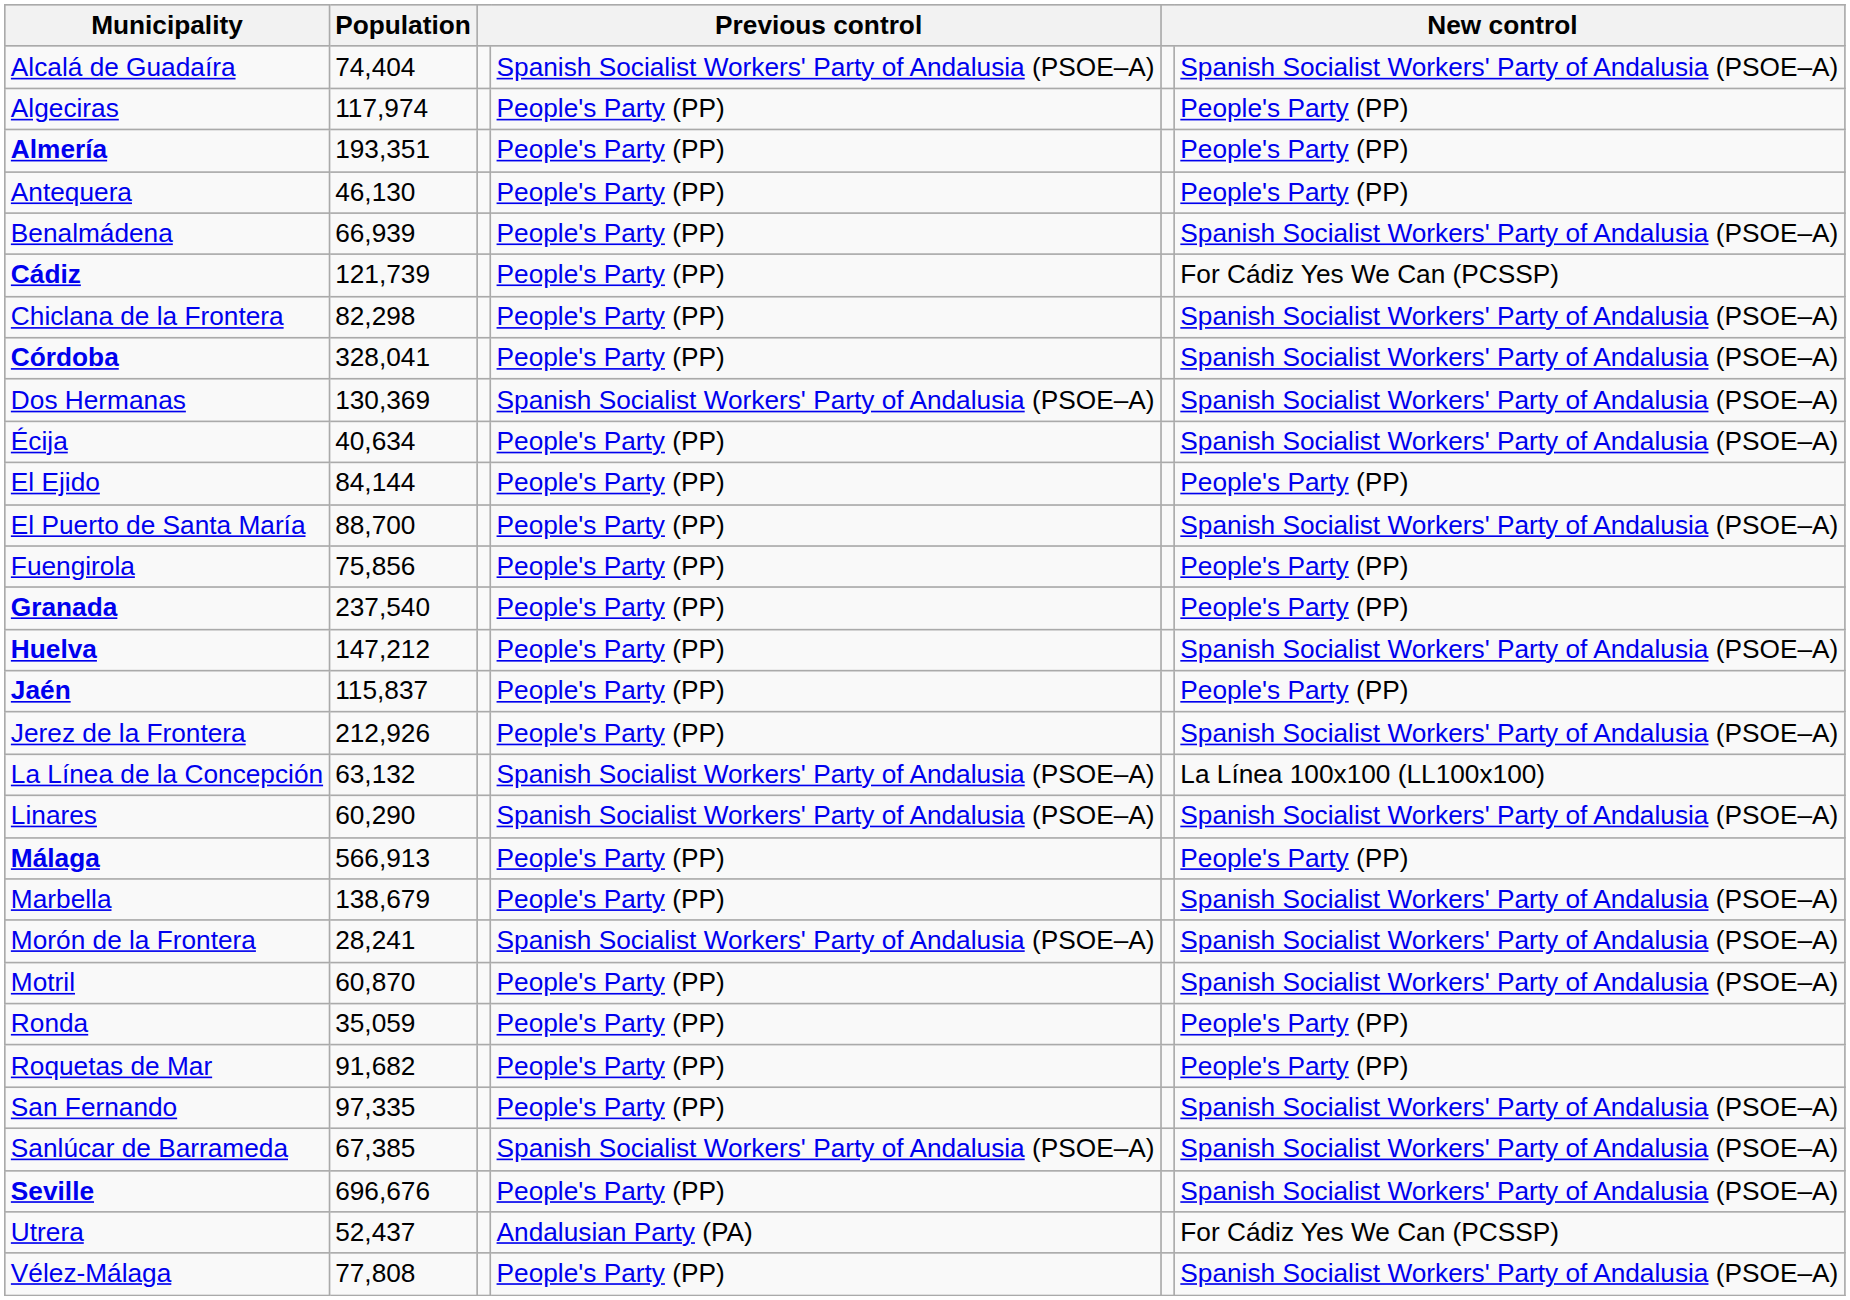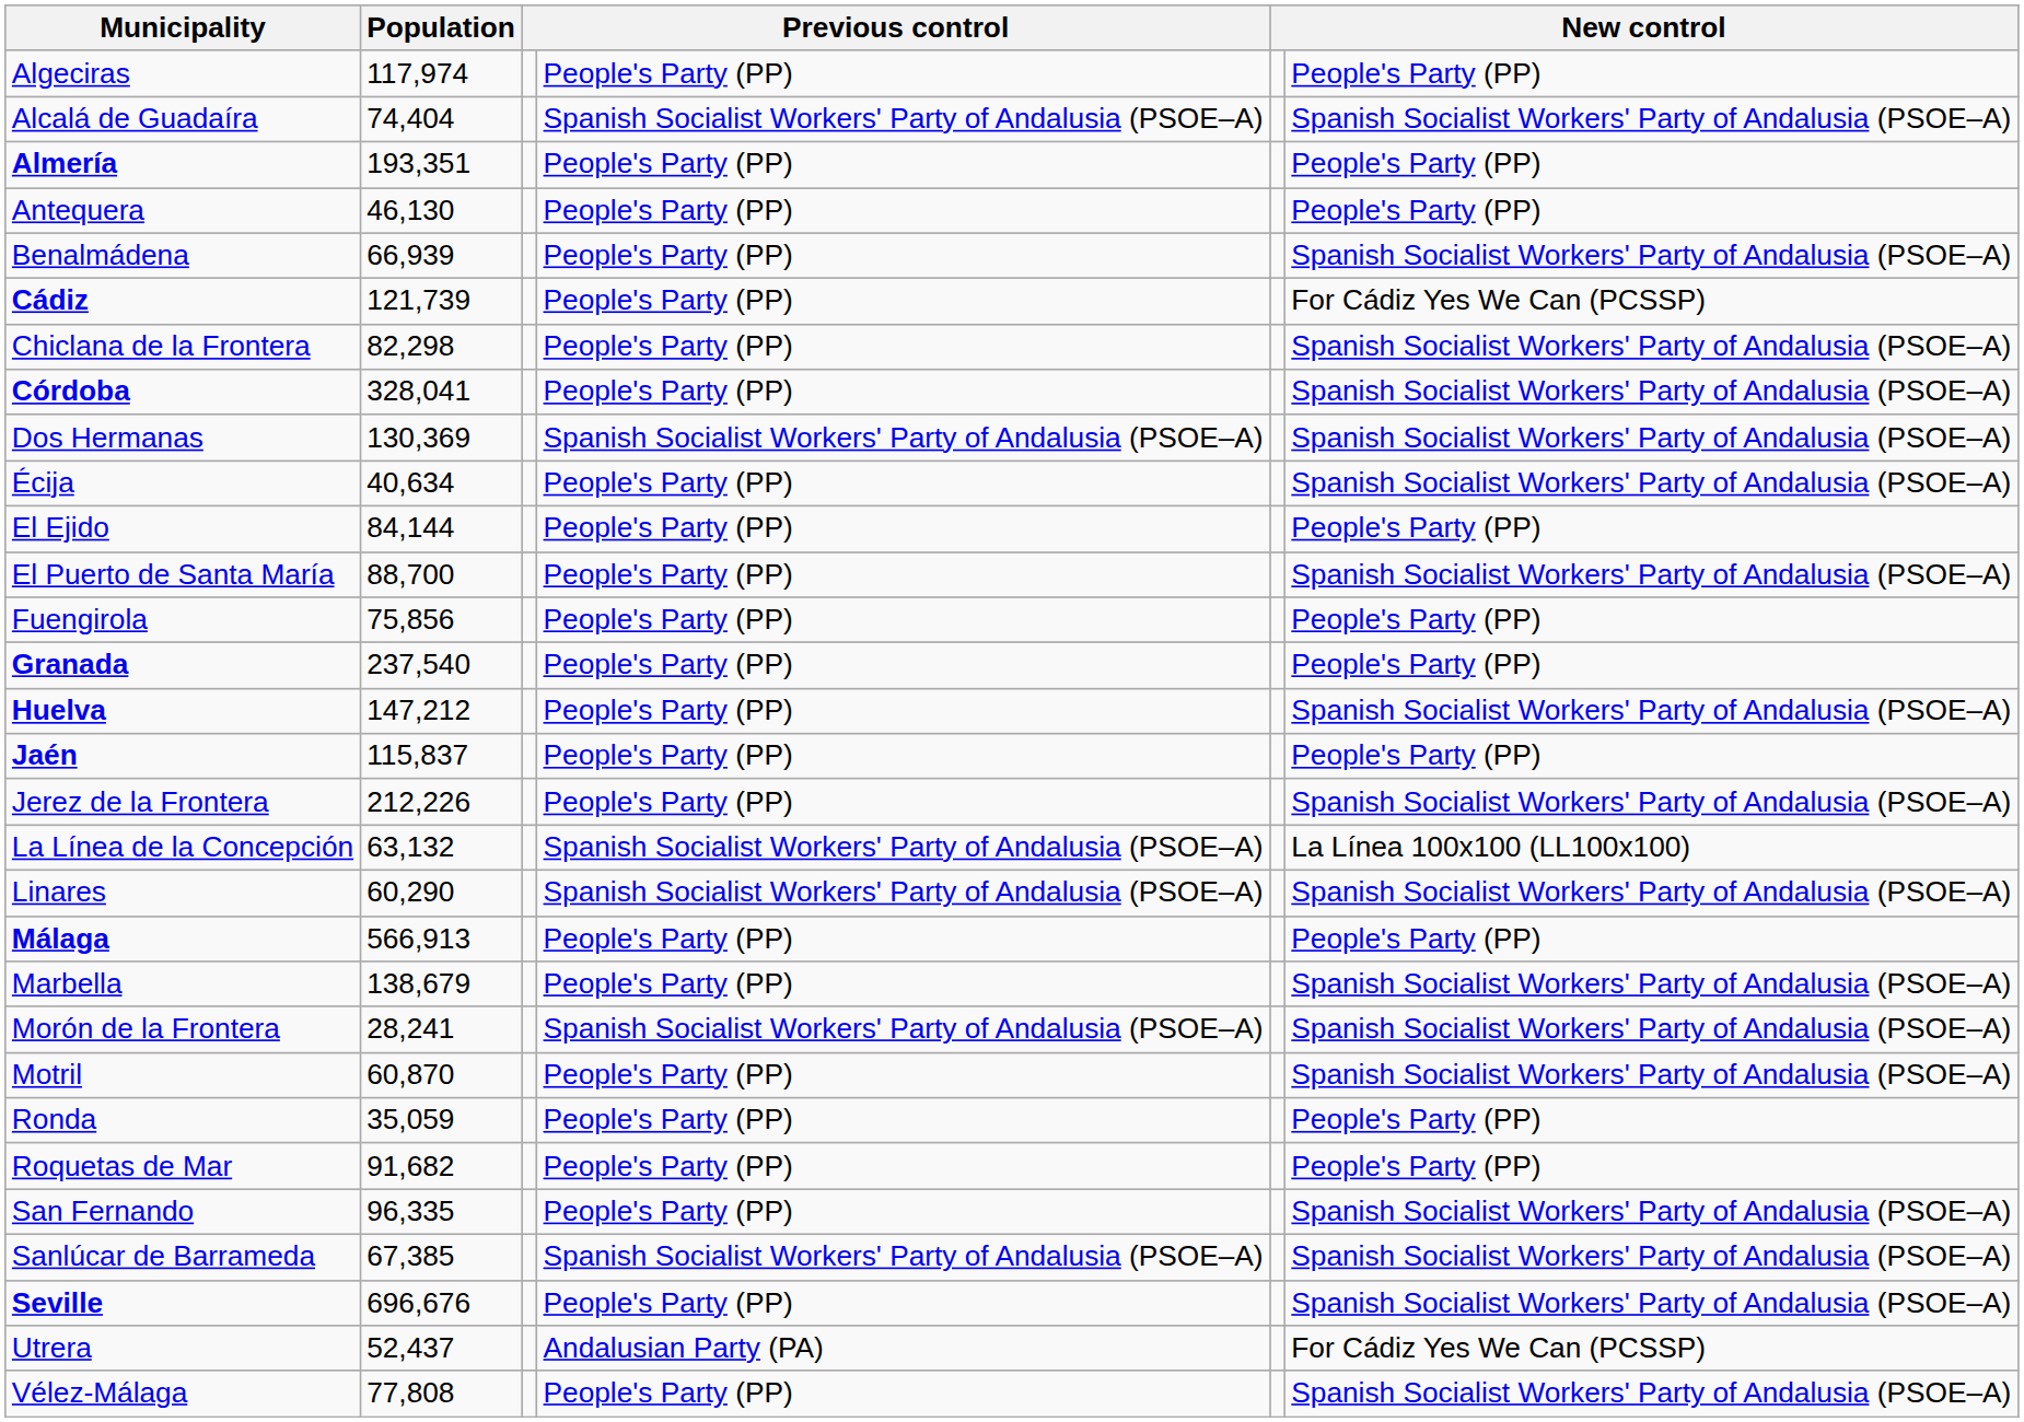 <table class="wikitable sortable">
 <tr>
 <th>Municipality</th>
 <th>Population</th>
 <th colspan="2" style="width:375px;">Previous control</th>
 <th colspan="2" style="width:375px;">New control</th>
 </tr>
 <tr>
+<td><a href='#'>Algeciras</a></td>
+<td>117,974</td>
+<td style="color:inherit;background:"></td>
+<td><a href='#'>People's Party</a> (PP)</td>
+<td style="color:inherit;background:"></td>
+<td><a href='#'>People's Party</a> (PP)</td>
+</tr>
+<tr>
 <td><a href='#'>Alcalá de Guadaíra</a></td>
 <td>74,404</td>
 <td width="1" style="color:inherit;background:"></td>
 <td><a href='#'>Spanish Socialist Workers' Party of Andalusia</a> (PSOE–A)</td>
 <td width="1" style="color:inherit;background:"></td>
 <td><a href='#'>Spanish Socialist Workers' Party of Andalusia</a> (PSOE–A)</td>
-</tr>
-<tr>
-<td><a href='#'>Algeciras</a></td>
-<td>117,974</td>
-<td style="color:inherit;background:"></td>
-<td><a href='#'>People's Party</a> (PP)</td>
-<td style="color:inherit;background:"></td>
-<td><a href='#'>People's Party</a> (PP)</td>
 </tr>
 <tr>
 <td><strong><a href='#'>Almería</a></strong></td>
 <td>193,351</td>
 <td style="color:inherit;background:"></td>
 <td><a href='#'>People's Party</a> (PP)</td>
 <td style="color:inherit;background:"></td>
 <td><a href='#'>People's Party</a> (PP)</td>
 </tr>
 <tr>
 <td><a href='#'>Antequera</a></td>
 <td>46,130</td>
 <td style="color:inherit;background:"></td>
 <td><a href='#'>People's Party</a> (PP)</td>
 <td style="color:inherit;background:"></td>
 <td><a href='#'>People's Party</a> (PP)</td>
 </tr>
 <tr>
 <td><a href='#'>Benalmádena</a></td>
 <td>66,939</td>
 <td style="color:inherit;background:"></td>
 <td><a href='#'>People's Party</a> (PP)</td>
 <td style="color:inherit;background:"></td>
 <td><a href='#'>Spanish Socialist Workers' Party of Andalusia</a> (PSOE–A)</td>
 </tr>
 <tr>
 <td><strong><a href='#'>Cádiz</a></strong></td>
 <td>121,739</td>
 <td style="color:inherit;background:"></td>
 <td><a href='#'>People's Party</a> (PP)</td>
 <td style="color:inherit;background:"></td>
 <td>For Cádiz Yes We Can (PCSSP)</td>
 </tr>
 <tr>
 <td><a href='#'>Chiclana de la Frontera</a></td>
 <td>82,298</td>
 <td style="color:inherit;background:"></td>
 <td><a href='#'>People's Party</a> (PP)</td>
 <td style="color:inherit;background:"></td>
 <td><a href='#'>Spanish Socialist Workers' Party of Andalusia</a> (PSOE–A)</td>
 </tr>
 <tr>
 <td><strong><a href='#'>Córdoba</a></strong></td>
 <td>328,041</td>
 <td style="color:inherit;background:"></td>
 <td><a href='#'>People's Party</a> (PP)</td>
 <td style="color:inherit;background:"></td>
 <td><a href='#'>Spanish Socialist Workers' Party of Andalusia</a> (PSOE–A)</td>
 </tr>
 <tr>
 <td><a href='#'>Dos Hermanas</a></td>
 <td>130,369</td>
 <td style="color:inherit;background:"></td>
 <td><a href='#'>Spanish Socialist Workers' Party of Andalusia</a> (PSOE–A)</td>
 <td style="color:inherit;background:"></td>
 <td><a href='#'>Spanish Socialist Workers' Party of Andalusia</a> (PSOE–A)</td>
 </tr>
 <tr>
 <td><a href='#'>Écija</a></td>
 <td>40,634</td>
 <td style="color:inherit;background:"></td>
 <td><a href='#'>People's Party</a> (PP)</td>
 <td style="color:inherit;background:"></td>
 <td><a href='#'>Spanish Socialist Workers' Party of Andalusia</a> (PSOE–A)</td>
 </tr>
 <tr>
 <td><a href='#'>El Ejido</a></td>
 <td>84,144</td>
 <td style="color:inherit;background:"></td>
 <td><a href='#'>People's Party</a> (PP)</td>
 <td style="color:inherit;background:"></td>
 <td><a href='#'>People's Party</a> (PP)</td>
 </tr>
 <tr>
 <td><a href='#'>El Puerto de Santa María</a></td>
 <td>88,700</td>
 <td style="color:inherit;background:"></td>
 <td><a href='#'>People's Party</a> (PP)</td>
 <td style="color:inherit;background:"></td>
 <td><a href='#'>Spanish Socialist Workers' Party of Andalusia</a> (PSOE–A)</td>
 </tr>
 <tr>
 <td><a href='#'>Fuengirola</a></td>
 <td>75,856</td>
 <td style="color:inherit;background:"></td>
 <td><a href='#'>People's Party</a> (PP)</td>
 <td style="color:inherit;background:"></td>
 <td><a href='#'>People's Party</a> (PP)</td>
 </tr>
 <tr>
 <td><strong><a href='#'>Granada</a></strong></td>
 <td>237,540</td>
 <td style="color:inherit;background:"></td>
 <td><a href='#'>People's Party</a> (PP)</td>
 <td style="color:inherit;background:"></td>
 <td><a href='#'>People's Party</a> (PP) </td>
 </tr>
 <tr>
 <td><strong><a href='#'>Huelva</a></strong></td>
 <td>147,212</td>
 <td style="color:inherit;background:"></td>
 <td><a href='#'>People's Party</a> (PP)</td>
 <td style="color:inherit;background:"></td>
 <td><a href='#'>Spanish Socialist Workers' Party of Andalusia</a> (PSOE–A)</td>
 </tr>
 <tr>
 <td><strong><a href='#'>Jaén</a></strong></td>
 <td>115,837</td>
 <td style="color:inherit;background:"></td>
 <td><a href='#'>People's Party</a> (PP)</td>
 <td style="color:inherit;background:"></td>
 <td><a href='#'>People's Party</a> (PP)</td>
 </tr>
 <tr>
 <td><a href='#'>Jerez de la Frontera</a></td>
-<td>212,926</td>
+<td>212,226</td>
 <td style="color:inherit;background:"></td>
 <td><a href='#'>People's Party</a> (PP)</td>
 <td style="color:inherit;background:"></td>
 <td><a href='#'>Spanish Socialist Workers' Party of Andalusia</a> (PSOE–A)</td>
 </tr>
 <tr>
 <td><a href='#'>La Línea de la Concepción</a></td>
 <td>63,132</td>
 <td style="color:inherit;background:"></td>
 <td><a href='#'>Spanish Socialist Workers' Party of Andalusia</a> (PSOE–A)</td>
 <td style="color:inherit;background:"></td>
 <td>La Línea 100x100 (LL100x100)</td>
 </tr>
 <tr>
 <td><a href='#'>Linares</a></td>
 <td>60,290</td>
 <td style="color:inherit;background:"></td>
 <td><a href='#'>Spanish Socialist Workers' Party of Andalusia</a> (PSOE–A)</td>
 <td style="color:inherit;background:"></td>
 <td><a href='#'>Spanish Socialist Workers' Party of Andalusia</a> (PSOE–A)</td>
 </tr>
 <tr>
 <td><strong><a href='#'>Málaga</a></strong></td>
 <td>566,913</td>
 <td style="color:inherit;background:"></td>
 <td><a href='#'>People's Party</a> (PP)</td>
 <td style="color:inherit;background:"></td>
 <td><a href='#'>People's Party</a> (PP)</td>
 </tr>
 <tr>
 <td><a href='#'>Marbella</a></td>
 <td>138,679</td>
 <td style="color:inherit;background:"></td>
 <td><a href='#'>People's Party</a> (PP)</td>
 <td style="color:inherit;background:"></td>
 <td><a href='#'>Spanish Socialist Workers' Party of Andalusia</a> (PSOE–A) </td>
 </tr>
 <tr>
 <td><a href='#'>Morón de la Frontera</a></td>
 <td>28,241</td>
 <td style="color:inherit;background:"></td>
 <td><a href='#'>Spanish Socialist Workers' Party of Andalusia</a> (PSOE–A)</td>
 <td style="color:inherit;background:"></td>
 <td><a href='#'>Spanish Socialist Workers' Party of Andalusia</a> (PSOE–A)</td>
 </tr>
 <tr>
 <td><a href='#'>Motril</a></td>
 <td>60,870</td>
 <td style="color:inherit;background:"></td>
 <td><a href='#'>People's Party</a> (PP)</td>
 <td style="color:inherit;background:"></td>
 <td><a href='#'>Spanish Socialist Workers' Party of Andalusia</a> (PSOE–A)</td>
 </tr>
 <tr>
 <td><a href='#'>Ronda</a></td>
 <td>35,059</td>
 <td style="color:inherit;background:"></td>
 <td><a href='#'>People's Party</a> (PP)</td>
 <td style="color:inherit;background:"></td>
 <td><a href='#'>People's Party</a> (PP) </td>
 </tr>
 <tr>
 <td><a href='#'>Roquetas de Mar</a></td>
 <td>91,682</td>
 <td style="color:inherit;background:"></td>
 <td><a href='#'>People's Party</a> (PP)</td>
 <td style="color:inherit;background:"></td>
 <td><a href='#'>People's Party</a> (PP)</td>
 </tr>
 <tr>
 <td><a href='#'>San Fernando</a></td>
-<td>97,335</td>
+<td>96,335</td>
 <td style="color:inherit;background:"></td>
 <td><a href='#'>People's Party</a> (PP)</td>
 <td style="color:inherit;background:"></td>
 <td><a href='#'>Spanish Socialist Workers' Party of Andalusia</a> (PSOE–A)</td>
 </tr>
 <tr>
 <td><a href='#'>Sanlúcar de Barrameda</a></td>
 <td>67,385</td>
 <td style="color:inherit;background:"></td>
 <td><a href='#'>Spanish Socialist Workers' Party of Andalusia</a> (PSOE–A)</td>
 <td style="color:inherit;background:"></td>
 <td><a href='#'>Spanish Socialist Workers' Party of Andalusia</a> (PSOE–A)</td>
 </tr>
 <tr>
 <td><strong><a href='#'>Seville</a></strong></td>
 <td>696,676</td>
 <td style="color:inherit;background:"></td>
 <td><a href='#'>People's Party</a> (PP)</td>
 <td style="color:inherit;background:"></td>
 <td><a href='#'>Spanish Socialist Workers' Party of Andalusia</a> (PSOE–A)</td>
 </tr>
 <tr>
 <td><a href='#'>Utrera</a></td>
 <td>52,437</td>
 <td style="color:inherit;background:"></td>
 <td><a href='#'>Andalusian Party</a> (PA)</td>
 <td style="color:inherit;background:"></td>
 <td>For Cádiz Yes We Can (PCSSP)</td>
 </tr>
 <tr>
 <td><a href='#'>Vélez-Málaga</a></td>
 <td>77,808</td>
 <td style="color:inherit;background:"></td>
 <td><a href='#'>People's Party</a> (PP)</td>
 <td style="color:inherit;background:"></td>
 <td><a href='#'>Spanish Socialist Workers' Party of Andalusia</a> (PSOE–A)</td>
 </tr>
 </table>
